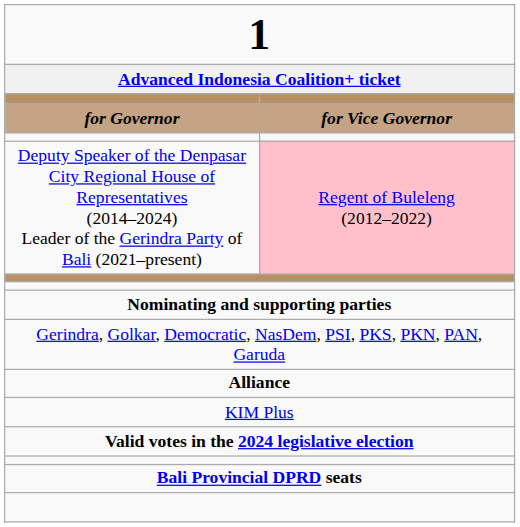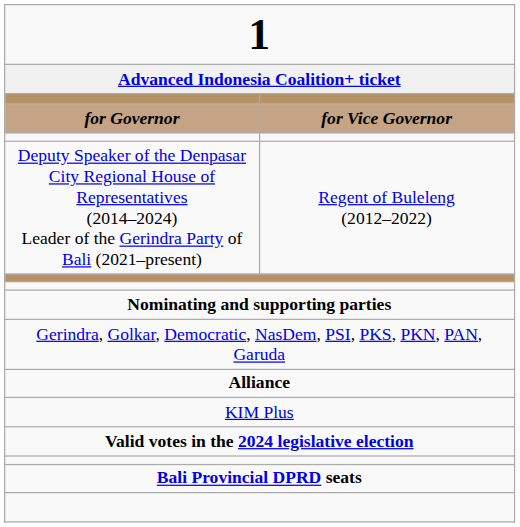 <table class="wikitable" style="font-size:90%; text-align:center;">
 <tr>
 <td colspan=2><big><big><big><big><big><strong>1</strong></big></big></big></big></big></td>
 </tr>
 <tr>
 <td colspan="2" style="background:#f1f1f1;"><strong><a href='#'>Advanced Indonesia Coalition+ ticket</a></strong></td>
 </tr>
 <tr>
 <th style="width:3em; font-size:135%; background:#B79164; width:200px;"><a href='#'></a></th>
 <th style="width:3em; font-size:135%; background:#B79164; width:200px;"><a href='#'></a></th>
 </tr>
 <tr style="color:#000; font-size:100%; background:#C4A484;">
 <td style="width:3em; width:200px;"><strong><em>for Governor</em></strong></td>
 <td style="width:3em; width:200px;"><strong><em>for Vice Governor</em></strong></td>
 </tr>
 <tr>
 <td></td>
 <td></td>
 </tr>
 <tr>
 <td><a href='#'>Deputy Speaker of the Denpasar City Regional House of Representatives</a><br>(2014–2024)<br>Leader of the <a href='#'>Gerindra Party</a> of <a href='#'>Bali</a> (2021–present)</td>
-<td style="background: pink;"><a href='#'>Regent of Buleleng</a><br>(2012–2022)</td>
+<td><a href='#'>Regent of Buleleng</a><br>(2012–2022)</td>
 </tr>
 <tr>
 <td colspan="2" bgcolor="#B79164"></td>
 </tr>
 <tr>
 <td colspan=2><div></div></td>
 </tr>
 <tr>
 <td colspan="2"><strong>Nominating and supporting parties</strong></td>
 </tr>
 <tr>
 <td colspan="2"><a href='#'>Gerindra</a>, <a href='#'>Golkar</a>, <a href='#'>Democratic</a>, <a href='#'>NasDem</a>, <a href='#'>PSI</a>, <a href='#'>PKS</a>, <a href='#'>PKN</a>, <a href='#'>PAN</a>, <a href='#'>Garuda</a></td>
 </tr>
 <tr>
 <td colspan="2"><strong>Alliance</strong></td>
 </tr>
 <tr>
 <td colspan="2"> <a href='#'>KIM Plus</a></td>
 </tr>
 <tr>
 <td colspan="2"><strong>Valid votes in the <a href='#'>2024 legislative election</a></strong></td>
 </tr>
 <tr>
 <td colspan="2"></td>
 </tr>
 <tr>
 <td colspan="2"><strong><a href='#'>Bali Provincial DPRD</a> seats</strong></td>
 </tr>
 <tr>
 <td colspan="2"><br></td>
 </tr>
 </table>
